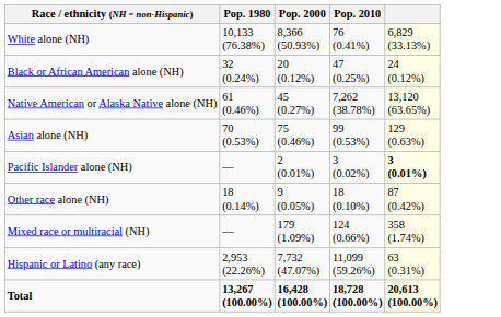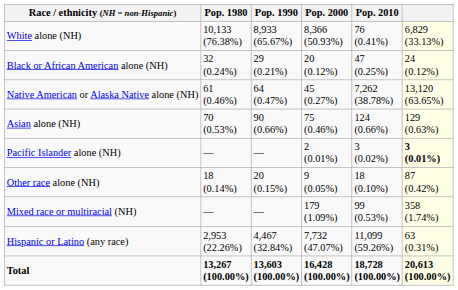 <table class="wikitable sortable collapsible" style="font-size: 95%;">
 <tr>
 <th>Race / ethnicity <small>(<em>NH = non-Hispanic</em>)</small></th>
 <th>Pop. 1980</th>
+<th>Pop. 1990</th>
 <th>Pop. 2000</th>
 <th>Pop. 2010</th>
 <th></th>
 </tr>
 <tr>
 <td><a href='#'>White</a> alone (NH)</td>
 <td>10,133<br>(76.38%)</td>
+<td>8,933<br>(65.67%)</td>
 <td>8,366<br>(50.93%)</td>
 <td>76<br>(0.41%)</td>
 <td style='background: #ffffe6;'>6,829<br>(33.13%)</td>
 </tr>
 <tr>
 <td><a href='#'>Black or African American</a> alone (NH)</td>
 <td>32<br>(0.24%)</td>
+<td>29<br>(0.21%)</td>
 <td>20<br>(0.12%)</td>
 <td>47<br>(0.25%)</td>
 <td style='background: #ffffe6;'>24<br>(0.12%)</td>
 </tr>
 <tr>
 <td><a href='#'>Native American</a> or <a href='#'>Alaska Native</a> alone (NH)</td>
 <td>61<br>(0.46%)</td>
+<td>64<br>(0.47%)</td>
 <td>45<br>(0.27%)</td>
 <td>7,262<br>(38.78%)</td>
 <td style='background: #ffffe6;'>13,120<br>(63.65%)</td>
 </tr>
 <tr>
 <td><a href='#'>Asian</a> alone (NH)</td>
 <td>70<br>(0.53%)</td>
+<td>90<br>(0.66%)</td>
 <td>75<br>(0.46%)</td>
-<td>99<br>(0.53%)</td>
+<td>124<br>(0.66%)</td>
 <td style='background: #ffffe6;'>129<br>(0.63%)</td>
 </tr>
 <tr>
 <td><a href='#'>Pacific Islander</a> alone (NH)</td>
+<td>—</td>
 <td>—</td>
 <td>2<br>(0.01%)</td>
 <td>3<br>(0.02%)</td>
 <td style='background: #ffffe6;'><strong>3<br>(0.01%)</strong></td>
 </tr>
 <tr>
 <td><a href='#'>Other race</a> alone (NH)</td>
 <td>18<br>(0.14%)</td>
+<td>20<br>(0.15%)</td>
 <td>9<br>(0.05%)</td>
 <td>18<br>(0.10%)</td>
 <td style='background: #ffffe6;'>87<br>(0.42%)</td>
 </tr>
 <tr>
 <td><a href='#'>Mixed race or multiracial</a> (NH)</td>
 <td>—</td>
+<td>—</td>
 <td>179<br>(1.09%)</td>
-<td>124<br>(0.66%)</td>
+<td>99<br>(0.53%)</td>
 <td style='background: #ffffe6;'>358<br>(1.74%)</td>
 </tr>
 <tr>
 <td><a href='#'>Hispanic or Latino</a> (any race)</td>
 <td>2,953<br>(22.26%)</td>
+<td>4,467<br>(32.84%)</td>
 <td>7,732<br>(47.07%)</td>
 <td>11,099<br>(59.26%)</td>
 <td style='background: #ffffe6;'>63<br>(0.31%)</td>
 </tr>
 <tr>
 <td><strong>Total</strong></td>
 <td><strong>13,267<br>(100.00%)</strong></td>
+<td><strong>13,603<br>(100.00%)</strong></td>
 <td><strong>16,428<br>(100.00%)</strong></td>
 <td><strong>18,728<br>(100.00%)</strong></td>
 <td style='background: #ffffe6;'><strong>20,613<br>(100.00%)</strong></td>
 </tr>
 </table>
